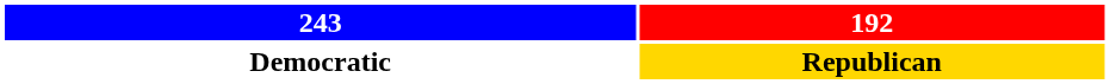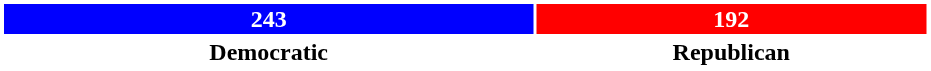 <table style="width:70%; text-align:center;">
 <tr style="color:white;">
 <td style="background:blue; width:55.86%;"><strong>243</strong></td>
 <td style="background:red; width:41.14%;"><strong>192</strong></td>
 </tr>
 <tr>
 <td><span><strong>Democratic</strong></span></td>
-<td style="background: gold;"><span><strong>Republican</strong></span></td>
+<td><span><strong>Republican</strong></span></td>
 </tr>
 </table>
